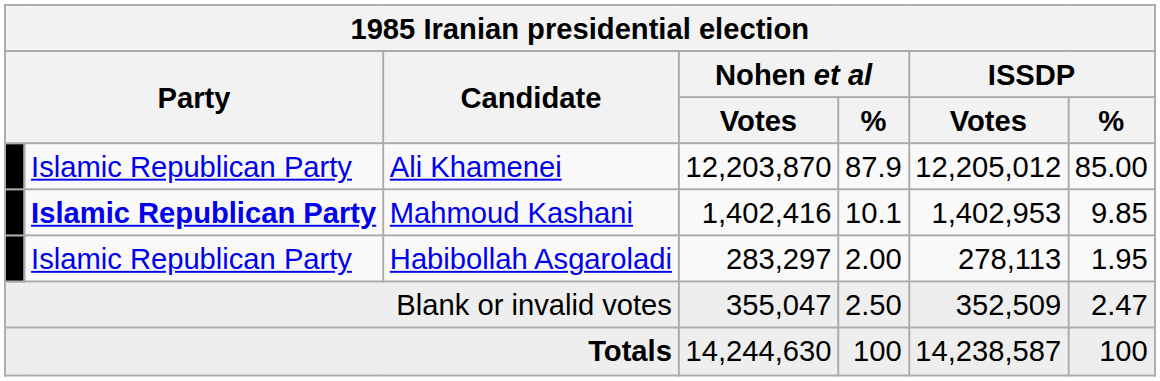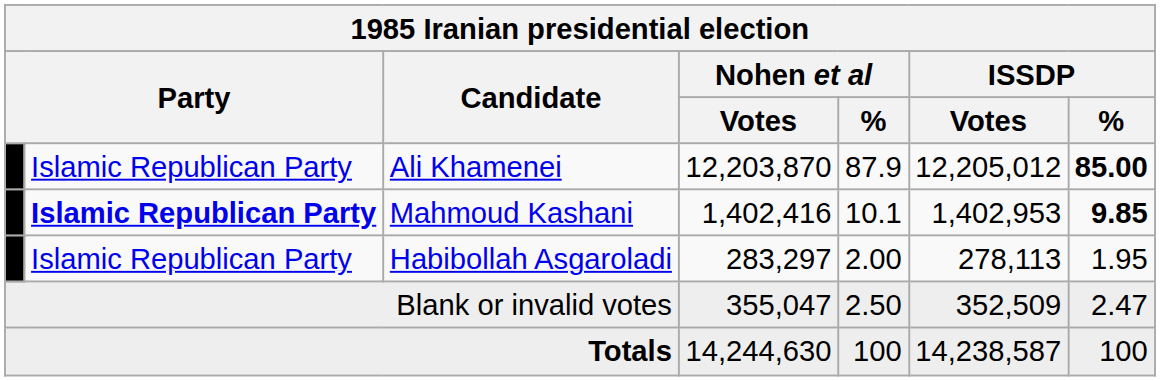 <table class="wikitable" style="font-size:95%;">
 <tr>
 <th colspan="8">1985 Iranian presidential election</th>
 </tr>
 <tr>
 <th rowspan="2" colspan="2">Party</th>
 <th rowspan="2">Candidate</th>
 <th colspan="2">Nohen <em>et al</em></th>
 <th colspan="2"><abbr>ISSDP</abbr></th>
 </tr>
 <tr>
 <th>Votes</th>
 <th>%</th>
 <th>Votes</th>
 <th>%</th>
 </tr>
 <tr>
 <th style="background:#000000; width:3px;"></th>
 <td><a href='#'>Islamic Republican Party</a></td>
 <td><a href='#'>Ali Khamenei</a></td>
 <td style="text-align:right;">12,203,870</td>
 <td style="text-align:right;">87.9</td>
 <td style="text-align:right;">12,205,012</td>
-<td style="text-align:right;">85.00</td>
+<td style="text-align:right;"><strong>85.00</strong></td>
 </tr>
 <tr>
 <th style="background:#000000; width:3px;"></th>
 <td><strong><a href='#'>Islamic Republican Party</a></strong></td>
 <td><a href='#'>Mahmoud Kashani</a></td>
 <td style="text-align:right;">1,402,416</td>
 <td style="text-align:right;">10.1</td>
 <td style="text-align:right;">1,402,953</td>
-<td style="text-align:right;">9.85</td>
+<td style="text-align:right;"><strong>9.85</strong></td>
 </tr>
 <tr>
 <th style="background:#000000; width:3px;"></th>
 <td><a href='#'>Islamic Republican Party</a></td>
 <td><a href='#'>Habibollah Asgaroladi</a></td>
 <td style="text-align:right;">283,297</td>
 <td style="text-align:right;">2.00</td>
 <td style="text-align:right;">278,113</td>
 <td style="text-align:right;">1.95</td>
 </tr>
 <tr style="background:#eee">
 <td colspan="3" style="text-align:right;">Blank or invalid votes</td>
 <td style="text-align:right;">355,047</td>
 <td style="text-align:right;">2.50</td>
 <td style="text-align:right;">352,509</td>
 <td style="text-align:right;">2.47</td>
 </tr>
 <tr style="background:#eee">
 <td colspan="3" style="text-align:right;"><strong>Totals</strong></td>
 <td style="text-align:right;">14,244,630</td>
 <td style="text-align:right;">100</td>
 <td style="text-align:right;">14,238,587</td>
 <td style="text-align:right;">100</td>
 </tr>
 </table>
